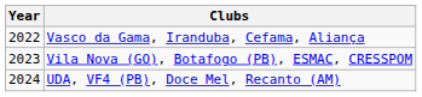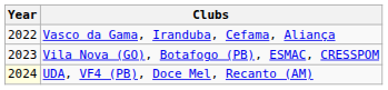 <table class="wikitable">
 <tr>
 <th>Year</th>
 <th>Clubs</th>
 </tr>
 <tr>
 <td>2022</td>
 <td><a href='#'>Vasco da Gama</a>, <a href='#'>Iranduba</a>, <a href='#'>Cefama</a>, <a href='#'>Aliança</a></td>
 </tr>
 <tr>
 <td>2023</td>
 <td><a href='#'>Vila Nova (GO)</a>, <a href='#'>Botafogo (PB)</a>, <a href='#'>ESMAC</a>, <a href='#'>CRESSPOM</a></td>
 </tr>
 <tr>
-<td>2024</td>
+<td style="background: lightyellow;">2024</td>
 <td><a href='#'>UDA</a>, <a href='#'>VF4 (PB)</a>, <a href='#'>Doce Mel</a>, <a href='#'>Recanto (AM)</a></td>
 </tr>
 </table>
